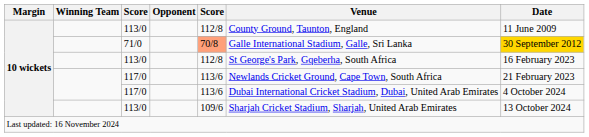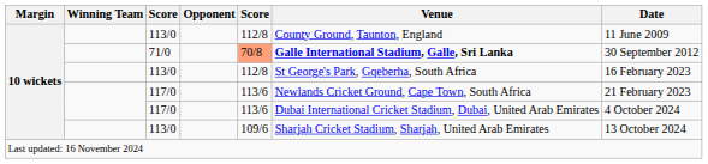 <table class="wikitable sortable" style="text-align:left;">
 <tr>
 <th>Margin</th>
 <th>Winning Team</th>
 <th>Score</th>
 <th>Opponent</th>
 <th>Score</th>
 <th>Venue</th>
 <th>Date</th>
 </tr>
 <tr>
 <th rowspan="6"><strong>10 wickets</strong></th>
 <td></td>
 <td>113/0</td>
 <td></td>
 <td>112/8</td>
 <td><a href='#'>County Ground</a>, <a href='#'>Taunton</a>, England</td>
 <td>11 June 2009</td>
 </tr>
 <tr>
 <td></td>
 <td>71/0</td>
 <td></td>
 <td style="background: lightsalmon;">70/8</td>
-<td><a href='#'>Galle International Stadium</a>, <a href='#'>Galle</a>, Sri Lanka</td>
-<td style="background: gold;">30 September 2012</td>
+<td><strong><a href='#'>Galle International Stadium</a>, <a href='#'>Galle</a>, Sri Lanka</strong></td>
+<td>30 September 2012</td>
 </tr>
 <tr>
 <td></td>
 <td>113/0</td>
 <td></td>
 <td>112/8</td>
 <td><a href='#'>St George's Park</a>, <a href='#'>Gqeberha</a>, South Africa</td>
 <td>16 February 2023</td>
 </tr>
 <tr>
 <td rowspan=2></td>
 <td>117/0</td>
 <td></td>
 <td>113/6</td>
 <td><a href='#'>Newlands Cricket Ground</a>, <a href='#'>Cape Town</a>, South Africa</td>
 <td>21 February 2023</td>
 </tr>
 <tr>
 <td>117/0</td>
 <td></td>
 <td>113/6</td>
 <td><a href='#'>Dubai International Cricket Stadium</a>, <a href='#'>Dubai</a>, United Arab Emirates</td>
 <td>4 October 2024</td>
 </tr>
 <tr>
 <td></td>
 <td>113/0</td>
 <td></td>
 <td>109/6</td>
 <td><a href='#'>Sharjah Cricket Stadium</a>, <a href='#'>Sharjah</a>, United Arab Emirates</td>
 <td>13 October 2024</td>
 </tr>
 <tr>
 <td colspan="7"><small>Last updated: 16 November 2024</small></td>
 </tr>
 </table>
